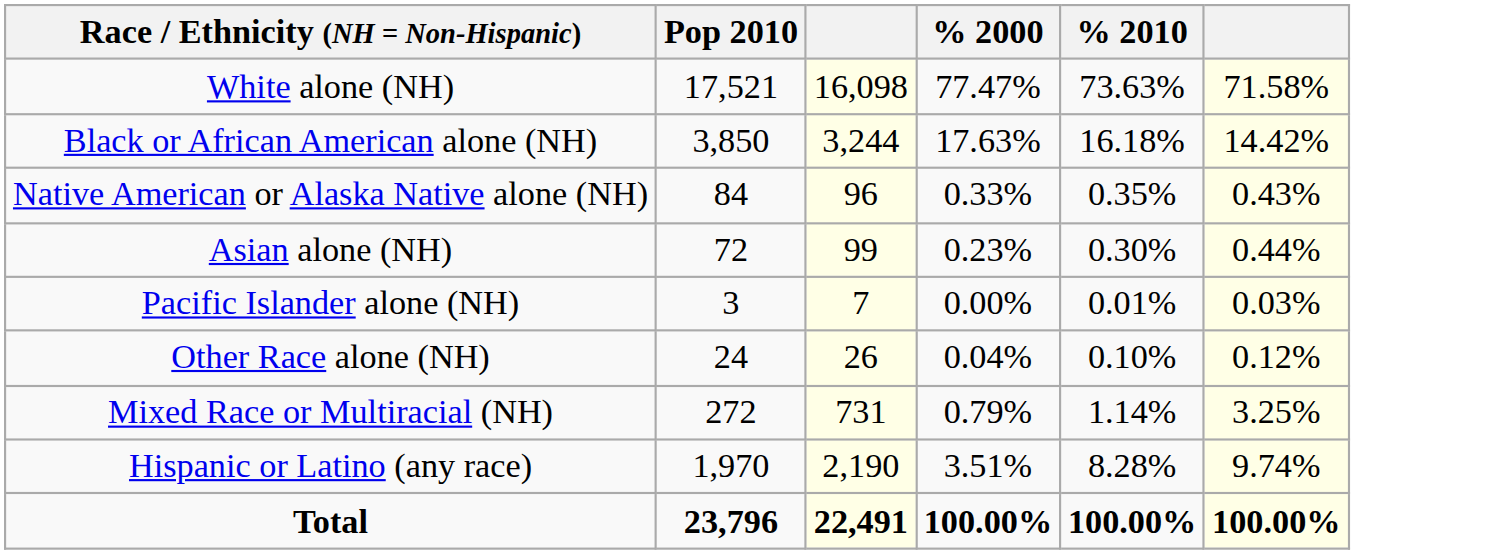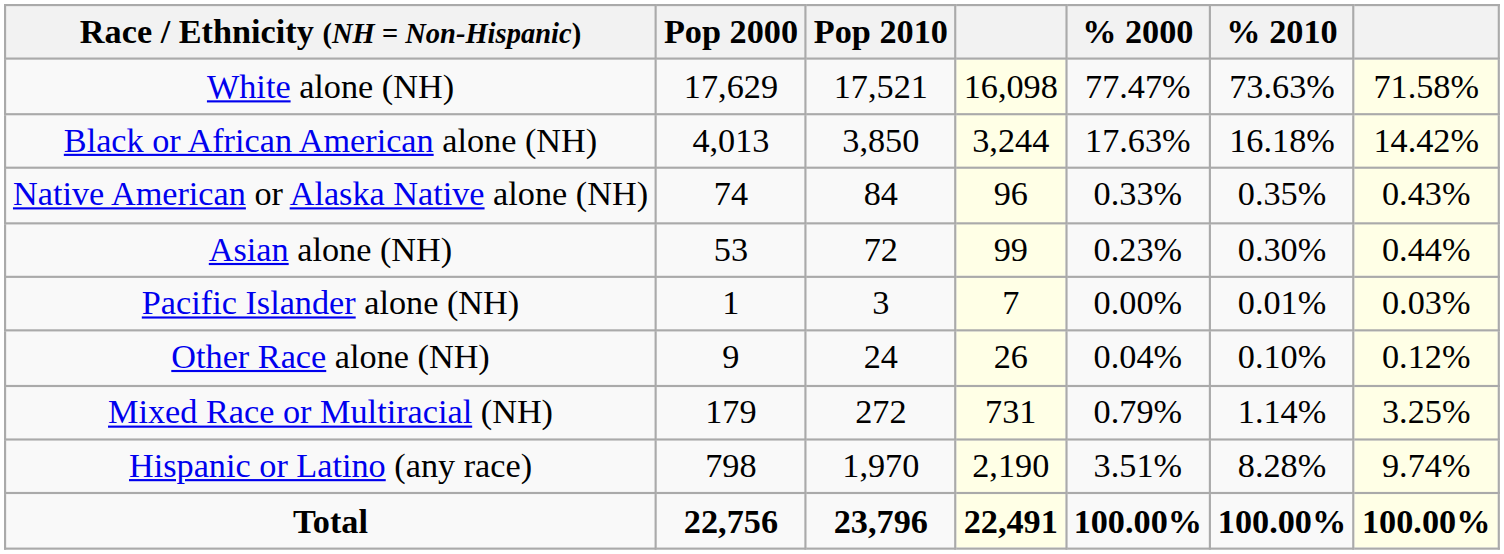 <table class="wikitable" style="text-align:center;">
 <tr>
 <th>Race / Ethnicity <small>(<em>NH = Non-Hispanic</em>)</small></th>
+<th>Pop 2000</th>
 <th>Pop 2010</th>
 <th></th>
 <th>% 2000</th>
 <th>% 2010</th>
 <th></th>
 </tr>
 <tr>
 <td><a href='#'>White</a> alone (NH)</td>
+<td>17,629</td>
 <td>17,521</td>
 <td style='background: #ffffe6;'>16,098</td>
 <td>77.47%</td>
 <td>73.63%</td>
 <td style='background: #ffffe6;'>71.58%</td>
 </tr>
 <tr>
 <td><a href='#'>Black or African American</a> alone (NH)</td>
+<td>4,013</td>
 <td>3,850</td>
 <td style='background: #ffffe6;'>3,244</td>
 <td>17.63%</td>
 <td>16.18%</td>
 <td style='background: #ffffe6;'>14.42%</td>
 </tr>
 <tr>
 <td><a href='#'>Native American</a> or <a href='#'>Alaska Native</a> alone (NH)</td>
+<td>74</td>
 <td>84</td>
 <td style='background: #ffffe6;'>96</td>
 <td>0.33%</td>
 <td>0.35%</td>
 <td style='background: #ffffe6;'>0.43%</td>
 </tr>
 <tr>
 <td><a href='#'>Asian</a> alone (NH)</td>
+<td>53</td>
 <td>72</td>
 <td style='background: #ffffe6;'>99</td>
 <td>0.23%</td>
 <td>0.30%</td>
 <td style='background: #ffffe6;'>0.44%</td>
 </tr>
 <tr>
 <td><a href='#'>Pacific Islander</a> alone (NH)</td>
+<td>1</td>
 <td>3</td>
 <td style='background: #ffffe6;'>7</td>
 <td>0.00%</td>
 <td>0.01%</td>
 <td style='background: #ffffe6;'>0.03%</td>
 </tr>
 <tr>
 <td><a href='#'>Other Race</a> alone (NH)</td>
+<td>9</td>
 <td>24</td>
 <td style='background: #ffffe6;'>26</td>
 <td>0.04%</td>
 <td>0.10%</td>
 <td style='background: #ffffe6;'>0.12%</td>
 </tr>
 <tr>
 <td><a href='#'>Mixed Race or Multiracial</a> (NH)</td>
+<td>179</td>
 <td>272</td>
 <td style='background: #ffffe6;'>731</td>
 <td>0.79%</td>
 <td>1.14%</td>
 <td style='background: #ffffe6;'>3.25%</td>
 </tr>
 <tr>
 <td><a href='#'>Hispanic or Latino</a> (any race)</td>
+<td>798</td>
 <td>1,970</td>
 <td style='background: #ffffe6;'>2,190</td>
 <td>3.51%</td>
 <td>8.28%</td>
 <td style='background: #ffffe6;'>9.74%</td>
 </tr>
 <tr>
 <td><strong>Total</strong></td>
+<td><strong>22,756</strong></td>
 <td><strong>23,796</strong></td>
 <td style='background: #ffffe6;'><strong>22,491</strong></td>
 <td><strong>100.00%</strong></td>
 <td><strong>100.00%</strong></td>
 <td style='background: #ffffe6;'><strong>100.00%</strong></td>
 </tr>
 </table>
